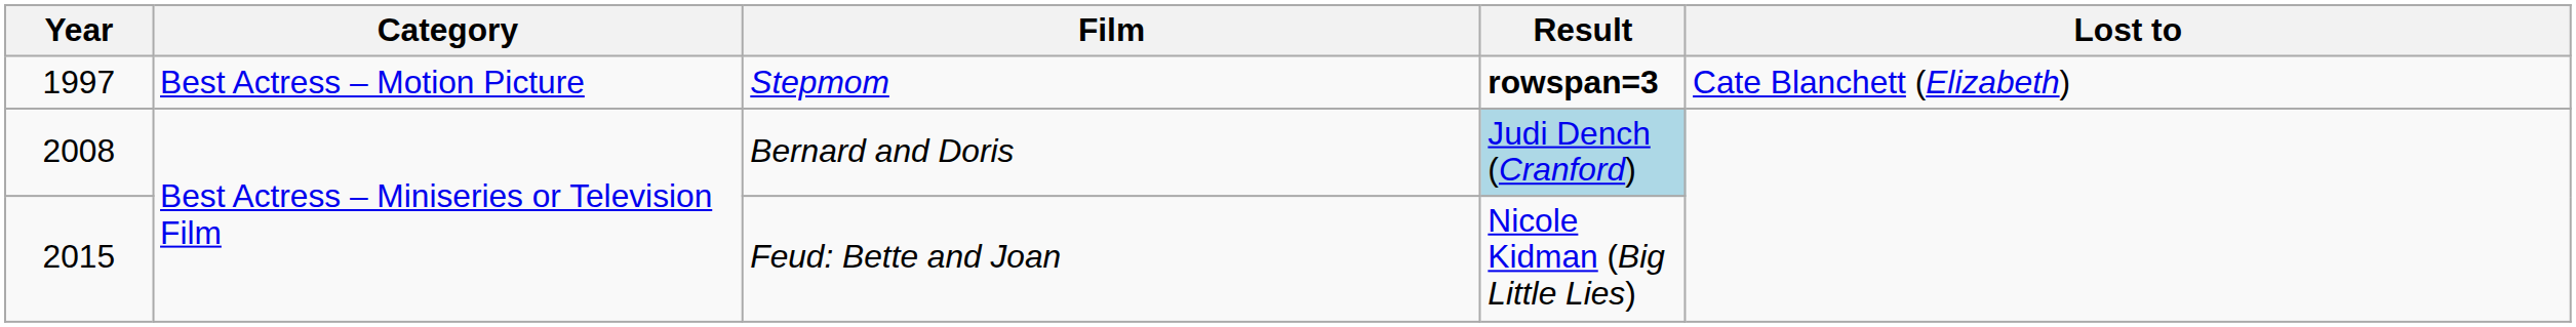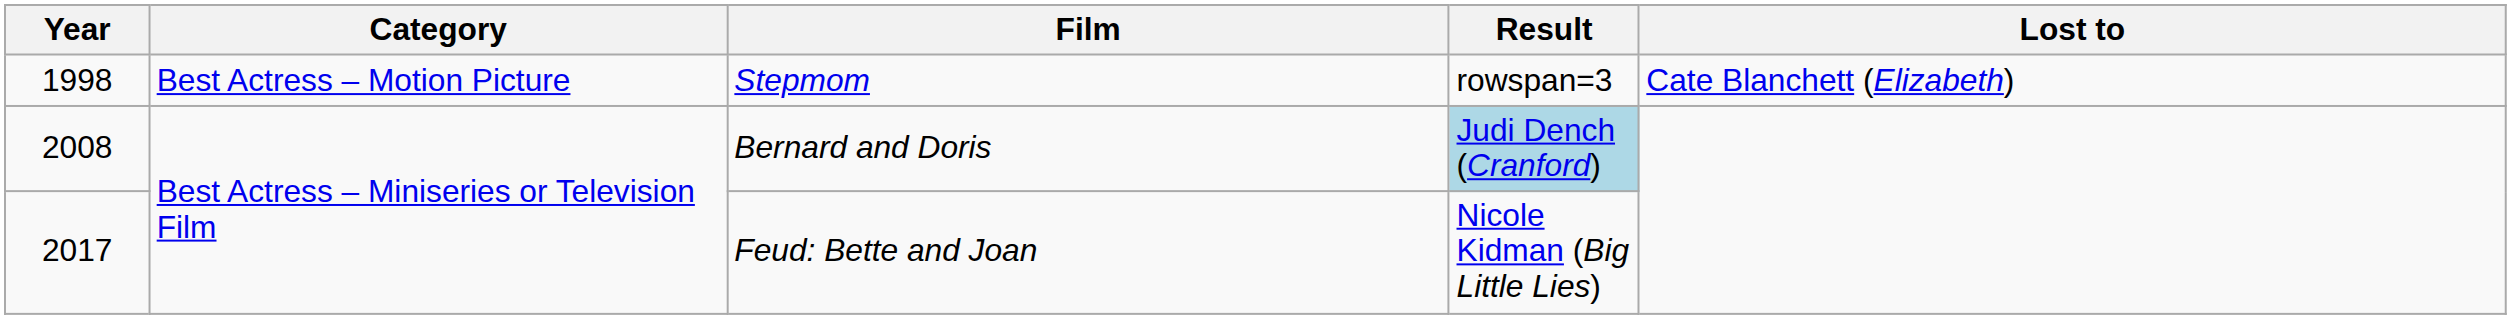 <table class="wikitable" width="100%" cellpadding="5">
 <tr>
 <th width="5%">Year</th>
 <th width="20%">Category</th>
 <th width="25%">Film</th>
 <th width="5%">Result</th>
 <th width="30%">Lost to</th>
 </tr>
 <tr>
-<td style="text-align:center;">1997</td>
+<td style="text-align:center;">1998</td>
 <td><a href='#'>Best Actress – Motion Picture</a></td>
 <td><em><a href='#'>Stepmom</a></em></td>
-<td><strong>rowspan=3 </strong></td>
+<td>rowspan=3 </td>
 <td><a href='#'>Cate Blanchett</a> (<em><a href='#'>Elizabeth</a></em>)</td>
 </tr>
 <tr>
 <td style="text-align:center;">2008</td>
 <td rowspan=2><a href='#'>Best Actress – Miniseries or Television Film</a></td>
 <td><em>Bernard and Doris</em></td>
 <td style="background: lightblue;"><a href='#'>Judi Dench</a> (<em><a href='#'>Cranford</a></em>)</td>
 </tr>
 <tr>
-<td style="text-align:center;">2015</td>
+<td style="text-align:center;">2017</td>
 <td><em>Feud: Bette and Joan</em></td>
 <td><a href='#'>Nicole Kidman</a> (<em>Big Little Lies</em>)</td>
 </tr>
 </table>
